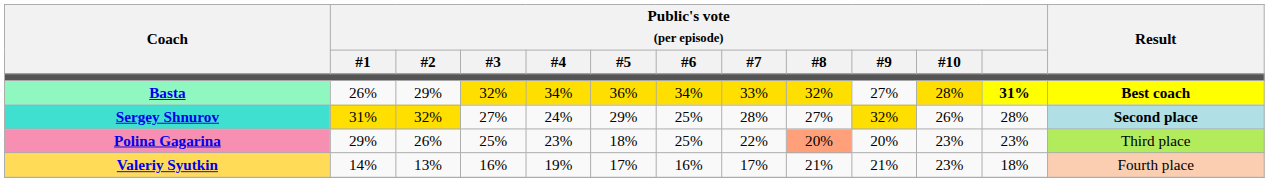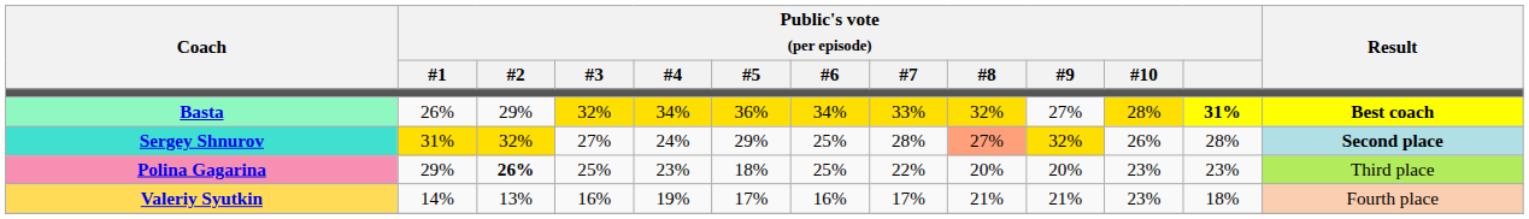 <table class="wikitable sortable" style="text-align:center; width:105%;">
 <tr>
 <th rowspan=2 style="width:15%;">Coach</th>
 <th colspan=11 style="width:10%;">Public's vote<br><sub>(per episode)</sub></th>
 <th rowspan=2 style="width:10%;">Result</th>
 </tr>
 <tr>
 <th style="width:3%;">#1</th>
 <th style="width:3%;">#2</th>
 <th style="width:3%;">#3</th>
 <th style="width:3%;">#4</th>
 <th style="width:3%;">#5</th>
 <th style="width:3%;">#6</th>
 <th style="width:3%;">#7</th>
 <th style="width:3%;">#8</th>
 <th style="width:3%;">#9</th>
 <th style="width:3%;">#10</th>
 <th style="width:3%;"></th>
 </tr>
 <tr>
 <td colspan=16 style="background:#555;"></td>
 </tr>
 <tr>
 <th style="background:#8ff7c0;"><a href='#'>Basta</a></th>
 <td>26%</td>
 <td>29%</td>
 <td style="background:#fedf00;">32%</td>
 <td style="background:#fedf00;">34%</td>
 <td style="background:#fedf00;">36%</td>
 <td style="background:#fedf00;">34%</td>
 <td style="background:#fedf00;">33%</td>
 <td style="background:#fedf00;">32%</td>
 <td>27%</td>
 <td style="background:#fedf00;">28%</td>
 <td style="background:yellow;"><strong>31%</strong></td>
 <td style="background:yellow;"><strong>Best coach</strong></td>
 </tr>
 <tr>
 <th style="background:turquoise;"><a href='#'>Sergey Shnurov</a></th>
 <td style="background:#fedf00;">31%</td>
 <td style="background:#fedf00;">32%</td>
 <td>27%</td>
 <td>24%</td>
 <td>29%</td>
 <td>25%</td>
 <td>28%</td>
-<td>27%</td>
+<td style="background: lightsalmon;">27%</td>
 <td style="background:#fedf00;">32%</td>
 <td>26%</td>
 <td>28%</td>
 <td style="background:#B0E0E6;"><strong>Second place</strong></td>
 </tr>
 <tr>
 <th style="background:#f78fb2;"><a href='#'>Polina Gagarina</a></th>
 <td>29%</td>
-<td>26%</td>
+<td><strong>26%</strong></td>
 <td>25%</td>
 <td>23%</td>
 <td>18%</td>
 <td>25%</td>
 <td>22%</td>
-<td style="background: lightsalmon;">20%</td>
+<td>20%</td>
 <td>20%</td>
 <td>23%</td>
 <td>23%</td>
 <td style="background:#B2EC5D;">Third place</td>
 </tr>
 <tr>
 <th style="background:#ffdb58"><a href='#'>Valeriy Syutkin</a></th>
 <td>14%</td>
 <td>13%</td>
 <td>16%</td>
 <td>19%</td>
 <td>17%</td>
 <td>16%</td>
 <td>17%</td>
 <td>21%</td>
 <td>21%</td>
 <td>23%</td>
 <td>18%</td>
 <td style="background:#FBCEB1;">Fourth place</td>
 </tr>
 <tr>
 </tr>
 </table>
